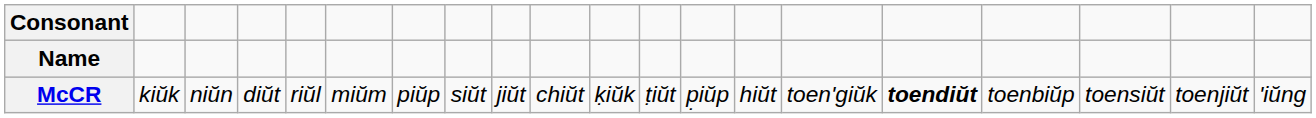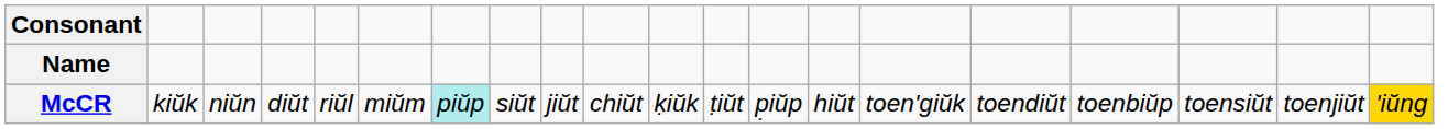 <table class="wikitable">
 <tr>
 <th>Consonant</th>
 <td></td>
 <td></td>
 <td></td>
 <td></td>
 <td></td>
 <td></td>
 <td></td>
 <td></td>
 <td></td>
 <td></td>
 <td></td>
 <td></td>
 <td></td>
 <td></td>
 <td></td>
 <td></td>
 <td></td>
 <td></td>
 <td></td>
 </tr>
 <tr>
 <th>Name</th>
 <td></td>
 <td></td>
 <td></td>
 <td></td>
 <td></td>
 <td></td>
 <td></td>
 <td></td>
 <td></td>
 <td></td>
 <td></td>
 <td></td>
 <td></td>
 <td></td>
 <td></td>
 <td></td>
 <td></td>
 <td></td>
 <td></td>
 </tr>
 <tr>
 <th><a href='#'>McCR</a></th>
 <td><em>kiŭk</em></td>
 <td><em>niŭn</em></td>
 <td><em>diŭt</em></td>
 <td><em>riŭl</em></td>
 <td><em>miŭm</em></td>
-<td><em>piŭp</em></td>
+<td style="background: paleturquoise;"><em>piŭp</em></td>
 <td><em>siŭt</em></td>
 <td><em>jiŭt</em></td>
 <td><em>chiŭt</em></td>
 <td><em>ḳiŭk</em></td>
 <td><em>ṭiŭt</em></td>
 <td><em>p̣iŭp</em></td>
 <td><em>hiŭt</em></td>
 <td><em>toen'giŭk</em></td>
-<td><strong><em>toendiŭt</em></strong></td>
+<td><em>toendiŭt</em></td>
 <td><em>toenbiŭp</em></td>
 <td><em>toensiŭt</em></td>
 <td><em>toenjiŭt</em></td>
-<td><em> 'iŭng</em></td>
+<td style="background: gold;"><em> 'iŭng</em></td>
 </tr>
 </table>
